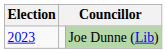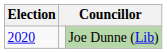 <table class="wikitable">
 <tr>
 <th>Election</th>
 <th colspan="2">Councillor</th>
 </tr>
 <tr>
-<td><a href='#'>2023</a></td>
+<td><a href='#'>2020</a></td>
 <td style="background-color: "></td>
 <td bgcolor="#B6D7A8">Joe Dunne (<a href='#'>Lib</a>)</td>
 </tr>
 </table>
